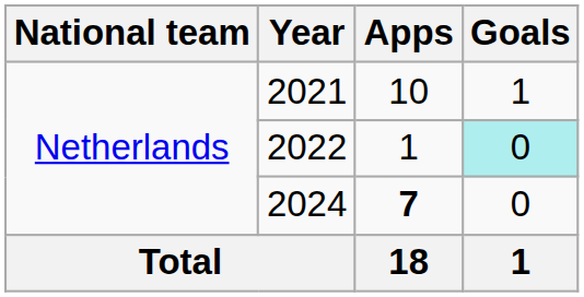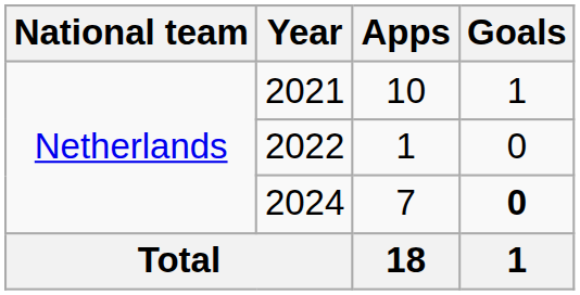 <table class=wikitable style="text-align: center;">
 <tr>
 <th>National team</th>
 <th>Year</th>
 <th>Apps</th>
 <th>Goals</th>
 </tr>
 <tr>
 <td rowspan="3"><a href='#'>Netherlands</a></td>
 <td>2021</td>
 <td>10</td>
 <td>1</td>
 </tr>
 <tr>
 <td>2022</td>
 <td>1</td>
-<td style="background: paleturquoise;">0</td>
+<td>0</td>
 </tr>
 <tr>
 <td>2024</td>
-<td><strong>7</strong></td>
-<td>0</td>
+<td>7</td>
+<td><strong>0</strong></td>
 </tr>
 <tr>
 <th colspan="2">Total</th>
 <th>18</th>
 <th>1</th>
 </tr>
 </table>
